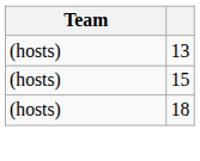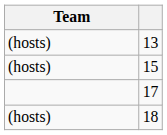 <table class="wikitable" style="white-space:nowrap; display:inline-table; float:left;">
 <tr>
 <th style="width:130px">Team</th>
 <th></th>
 </tr>
 <tr>
 <td> (hosts)</td>
 <td style="text-align:center">13</td>
 </tr>
 <tr>
 <td> (hosts)</td>
 <td style="text-align:center">15</td>
 </tr>
 <tr>
+<td></td>
+<td style="text-align:center">17</td>
+</tr>
+<tr>
 <td> (hosts)</td>
 <td style="text-align:center">18</td>
 </tr>
 </table>
